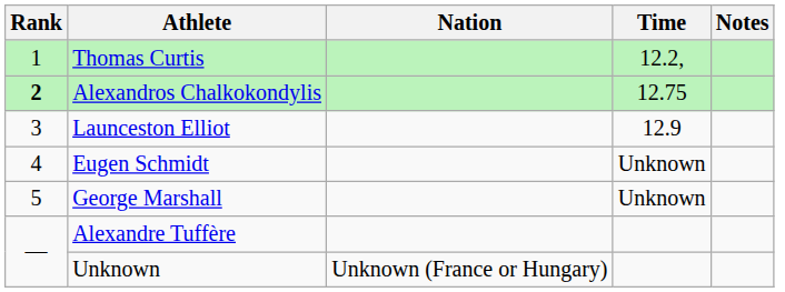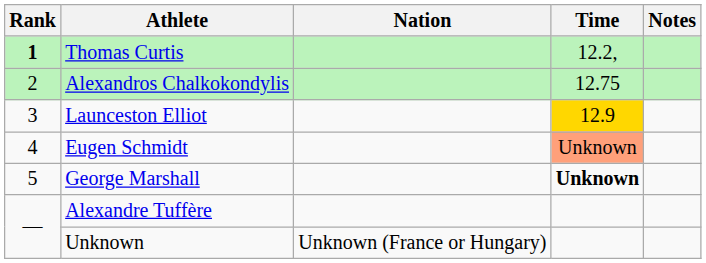 <table class="wikitable sortable" style="text-align:center">
 <tr>
 <th>Rank</th>
 <th>Athlete</th>
 <th>Nation</th>
 <th>Time</th>
 <th>Notes</th>
 </tr>
 <tr style="background:#bbf3bb;">
-<td>1</td>
+<td><strong>1</strong></td>
 <td align=left><a href='#'>Thomas Curtis</a></td>
 <td align=left></td>
 <td>12.2, </td>
 <td></td>
 </tr>
 <tr style="background:#bbf3bb;">
-<td><strong>2</strong></td>
+<td>2</td>
 <td align=left><a href='#'>Alexandros Chalkokondylis</a></td>
 <td align=left></td>
 <td>12.75</td>
 <td></td>
 </tr>
 <tr>
 <td>3</td>
 <td align=left><a href='#'>Launceston Elliot</a></td>
 <td align=left></td>
-<td>12.9</td>
+<td style="background: gold;">12.9</td>
 <td></td>
 </tr>
 <tr>
 <td>4</td>
 <td align=left><a href='#'>Eugen Schmidt</a></td>
 <td align=left></td>
-<td data-sort-value=60.0>Unknown</td>
+<td data-sort-value=60.0 style="background: lightsalmon;">Unknown</td>
 <td></td>
 </tr>
 <tr>
 <td>5</td>
 <td align=left><a href='#'>George Marshall</a></td>
 <td align=left></td>
-<td data-sort-value=60.0>Unknown</td>
+<td data-sort-value=60.0><strong>Unknown</strong></td>
 <td></td>
 </tr>
 <tr>
 <td rowspan=2 data-sort-value=6>—</td>
 <td align=left><a href='#'>Alexandre Tuffère</a></td>
 <td align=left></td>
 <td data-sort-value=99.9></td>
 <td></td>
 </tr>
 <tr>
 <td align=left>Unknown</td>
 <td align=left>Unknown (France or Hungary)</td>
 <td data-sort-value=99.9></td>
 <td></td>
 </tr>
 </table>
